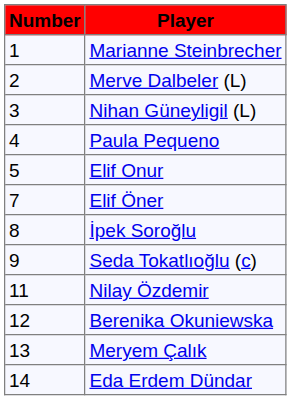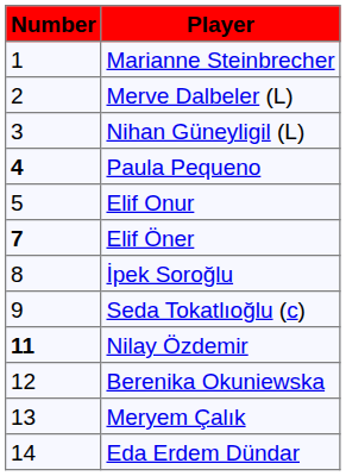 <table bgcolor="#f7f8ff" cellpadding="3" cellspacing="0" border="1" style="font-size: 95%; border: gray solid 1px; border-collapse: collapse;">
 <tr bgcolor="#ff0000">
 <td align=center><strong>Number</strong></td>
 <td align=center><strong>Player</strong></td>
 </tr>
 <tr align="left">
 <td>1</td>
 <td> <a href='#'>Marianne Steinbrecher</a></td>
 </tr>
 <tr align=left>
 <td>2</td>
 <td> <a href='#'>Merve Dalbeler</a> (L)</td>
 </tr>
 <tr align="left">
 <td>3</td>
 <td> <a href='#'>Nihan Güneyligil</a> (L)</td>
 </tr>
 <tr align="left">
-<td>4</td>
+<td><strong>4</strong></td>
 <td> <a href='#'>Paula Pequeno</a></td>
 </tr>
 <tr align="left">
 <td>5</td>
 <td> <a href='#'>Elif Onur</a></td>
 </tr>
 <tr align="left">
-<td>7</td>
+<td><strong>7</strong></td>
 <td> <a href='#'>Elif Öner</a></td>
 </tr>
 <tr align="left">
 <td>8</td>
 <td> <a href='#'>İpek Soroğlu</a></td>
 </tr>
 <tr align="left">
 <td>9</td>
 <td> <a href='#'>Seda Tokatlıoğlu</a> (<a href='#'>c</a>)</td>
 </tr>
 <tr align="left">
-<td>11</td>
+<td><strong>11</strong></td>
 <td> <a href='#'>Nilay Özdemir</a></td>
 </tr>
 <tr align="left">
 <td>12</td>
 <td> <a href='#'>Berenika Okuniewska</a></td>
 </tr>
 <tr align="left">
 <td>13</td>
 <td> <a href='#'>Meryem Çalık</a></td>
 </tr>
 <tr align="left">
 <td>14</td>
 <td> <a href='#'>Eda Erdem Dündar</a></td>
 </tr>
 </table>
